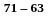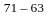 <table style="text-align:center">
 <tr>
 <th width=200></th>
 <th width=100></th>
 <th width=200></th>
 <th></th>
 </tr>
 <tr>
 <td align=right><strong></strong></td>
-<td><strong>71 – 63</strong></td>
+<td>71 – 63</td>
 <td align=left></td>
 </tr>
 </table>
